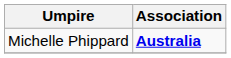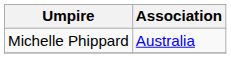 <table class="wikitable collapsible">
 <tr>
 <th>Umpire</th>
 <th>Association</th>
 </tr>
 <tr>
 <td>Michelle Phippard</td>
-<td><strong><a href='#'>Australia</a></strong></td>
+<td><a href='#'>Australia</a></td>
 </tr>
 <tr>
 </tr>
 </table>
